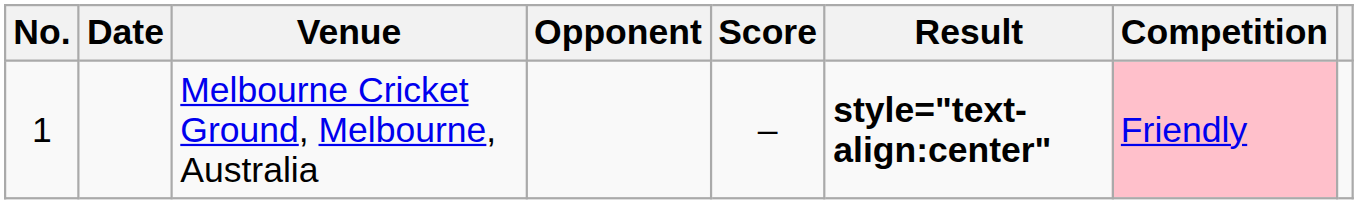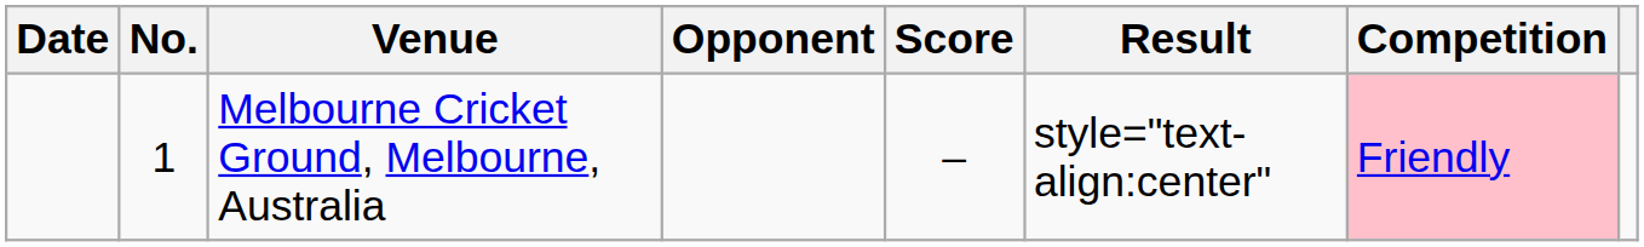 <table class="wikitable sortable">
 <tr>
+<th scope="col">Date</th>
 <th scope="col">No.</th>
-<th scope="col">Date</th>
 <th scope="col">Venue</th>
 <th scope="col">Opponent</th>
 <th scope="col">Score</th>
 <th scope="col">Result</th>
 <th scope="col">Competition</th>
 <th scope="col" class="unsortable"></th>
 </tr>
 <tr>
+<td></td>
 <td style="text-align:center">1</td>
-<td></td>
 <td><a href='#'>Melbourne Cricket Ground</a>, <a href='#'>Melbourne</a>, Australia</td>
 <td></td>
 <td style="text-align:center">–</td>
-<td><strong>style="text-align:center" </strong></td>
+<td>style="text-align:center" </td>
 <td style="background: pink;"><a href='#'>Friendly</a></td>
 <td></td>
 </tr>
 </table>
